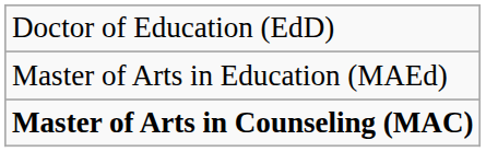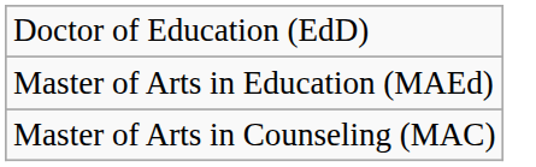 <table class="wikitable">
 <tr>
 <td>Doctor of Education (EdD)</td>
 </tr>
 <tr>
 <td>Master of Arts in Education (MAEd)</td>
 </tr>
 <tr>
-<td><strong>Master of Arts in Counseling (MAC)</strong></td>
+<td>Master of Arts in Counseling (MAC)</td>
 </tr>
 </table>
